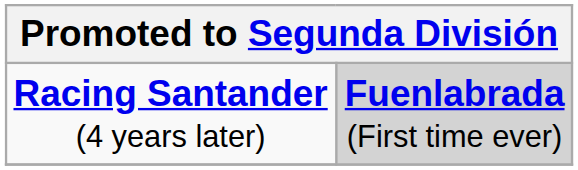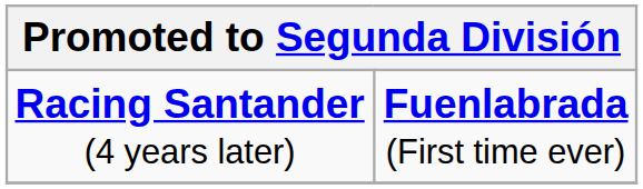 <table class="wikitable" style="text-align: center; margin: 0 auto;">
 <tr>
 <th colspan="2">Promoted to <a href='#'>Segunda División</a></th>
 </tr>
 <tr>
 <td><strong><a href='#'>Racing Santander</a></strong><br><small>(4 years later)</small></td>
-<td style="background: lightgrey;"><strong><a href='#'>Fuenlabrada</a></strong><br><small>(First time ever)</small></td>
+<td><strong><a href='#'>Fuenlabrada</a></strong><br><small>(First time ever)</small></td>
 </tr>
 <tr>
 </tr>
 </table>
